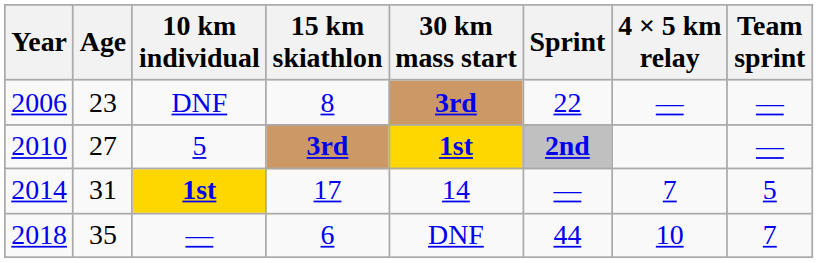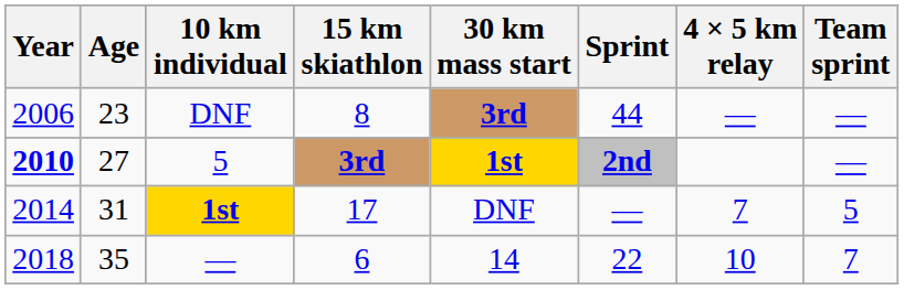 <table class="wikitable" style="text-align: center;">
 <tr>
 <th scope="col">Year</th>
 <th scope="col">Age</th>
 <th scope="col">10 km<br>individual</th>
 <th scope="col">15 km<br>skiathlon</th>
 <th scope="col">30 km<br>mass start</th>
 <th scope="col">Sprint</th>
 <th scope="col">4 × 5 km<br>relay</th>
 <th scope="col">Team<br>sprint</th>
 </tr>
 <tr>
 <td><a href='#'>2006</a></td>
 <td>23</td>
 <td><a href='#'>DNF</a></td>
 <td><a href='#'>8</a></td>
 <td style="background-color: #C96;"><a href='#'><strong>3rd</strong></a></td>
-<td><a href='#'>22</a></td>
+<td><a href='#'>44</a></td>
 <td><a href='#'>—</a></td>
 <td><a href='#'>—</a></td>
 </tr>
 <tr>
-<td><a href='#'>2010</a></td>
+<td><strong><a href='#'>2010</a></strong></td>
 <td>27</td>
 <td><a href='#'>5</a></td>
 <td style="background-color: #C96;"><a href='#'><strong>3rd</strong></a></td>
 <td style="background-color: gold;"><a href='#'><strong>1st</strong></a></td>
 <td style="background-color: silver;"><a href='#'><strong>2nd</strong></a></td>
 <td><a href='#'></a></td>
 <td><a href='#'>—</a></td>
 </tr>
 <tr>
 <td><a href='#'>2014</a></td>
 <td>31</td>
 <td style="background-color: gold;"><a href='#'><strong>1st</strong></a></td>
 <td><a href='#'>17</a></td>
-<td><a href='#'>14</a></td>
+<td><a href='#'>DNF</a></td>
 <td><a href='#'>—</a></td>
 <td><a href='#'>7</a></td>
 <td><a href='#'>5</a></td>
 </tr>
 <tr>
 <td><a href='#'>2018</a></td>
 <td>35</td>
 <td><a href='#'>—</a></td>
 <td><a href='#'>6</a></td>
-<td><a href='#'>DNF</a></td>
-<td><a href='#'>44</a></td>
+<td><a href='#'>14</a></td>
+<td><a href='#'>22</a></td>
 <td><a href='#'>10</a></td>
 <td><a href='#'>7</a></td>
 </tr>
 </table>
